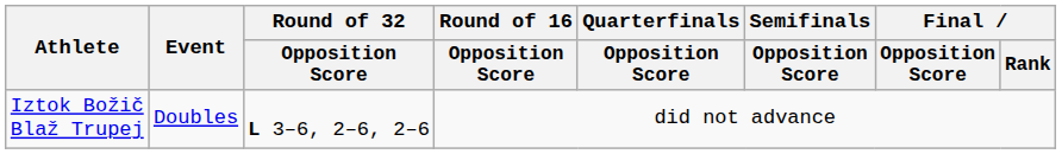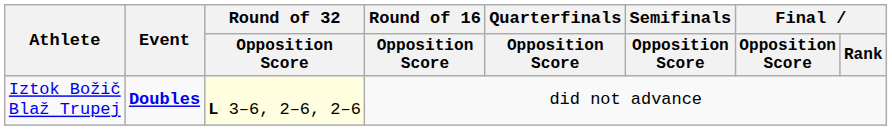 <table class=wikitable style="font-size:90%">
 <tr>
 <th rowspan=2>Athlete</th>
 <th rowspan=2>Event</th>
 <th>Round of 32</th>
 <th>Round of 16</th>
 <th>Quarterfinals</th>
 <th>Semifinals</th>
 <th colspan=2>Final / </th>
 </tr>
 <tr style="font-size:95%">
 <th>Opposition<br>Score</th>
 <th>Opposition<br>Score</th>
 <th>Opposition<br>Score</th>
 <th>Opposition<br>Score</th>
 <th>Opposition<br>Score</th>
 <th>Rank</th>
 </tr>
 <tr align=center>
 <td align=left><a href='#'>Iztok Božič</a><br><a href='#'>Blaž Trupej</a></td>
-<td><a href='#'>Doubles</a></td>
-<td><br><strong>L</strong> 3–6, 2–6, 2–6</td>
+<td><strong><a href='#'>Doubles</a></strong></td>
+<td style="background: lightyellow;"><br><strong>L</strong> 3–6, 2–6, 2–6</td>
 <td colspan=6>did not advance</td>
 </tr>
 </table>
